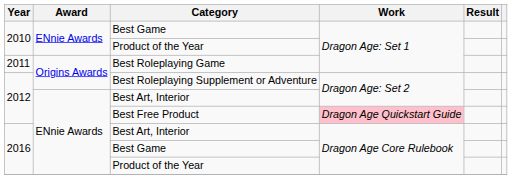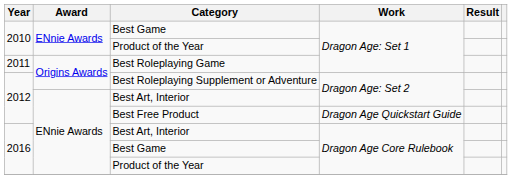 <table class="wikitable sortable">
 <tr>
 <th>Year</th>
 <th>Award</th>
 <th>Category</th>
 <th>Work</th>
 <th>Result</th>
 <th class="unsortable"></th>
 </tr>
 <tr>
 <td rowspan="2">2010</td>
 <td rowspan="2"><a href='#'>ENnie Awards</a></td>
 <td>Best Game</td>
 <td rowspan="3"><em>Dragon Age: Set 1</em></td>
 <td></td>
 <td></td>
 </tr>
 <tr>
 <td>Product of the Year</td>
 <td></td>
 <td></td>
 </tr>
 <tr>
 <td>2011</td>
 <td rowspan="2"><a href='#'>Origins Awards</a></td>
 <td>Best Roleplaying Game</td>
 <td></td>
 <td></td>
 </tr>
 <tr>
 <td rowspan="3">2012</td>
 <td>Best Roleplaying Supplement or Adventure</td>
 <td rowspan="2"><em>Dragon Age: Set 2</em></td>
 <td></td>
 <td></td>
 </tr>
 <tr>
 <td rowspan="5">ENnie Awards</td>
 <td>Best Art, Interior</td>
 <td></td>
 <td></td>
 </tr>
 <tr>
 <td>Best Free Product</td>
-<td style="background: pink;"><em>Dragon Age Quickstart Guide</em></td>
+<td><em>Dragon Age Quickstart Guide</em></td>
 <td></td>
 <td></td>
 </tr>
 <tr>
 <td rowspan="3">2016</td>
 <td>Best Art, Interior</td>
 <td rowspan="3"><em>Dragon Age Core Rulebook</em></td>
 <td></td>
 <td></td>
 </tr>
 <tr>
 <td>Best Game</td>
 <td></td>
 <td></td>
 </tr>
 <tr>
 <td>Product of the Year</td>
 <td></td>
 <td></td>
 </tr>
 <tr>
 </tr>
 </table>
